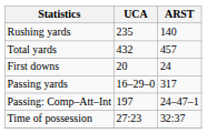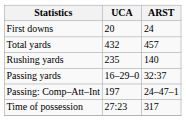 <table class="wikitable" style="float: left;">
 <tr>
 <th>Statistics</th>
 <th>UCA</th>
 <th>ARST</th>
 </tr>
 <tr>
-<td>Rushing yards</td>
-<td>235</td>
-<td>140</td>
+<td>First downs</td>
+<td>20</td>
+<td>24</td>
 </tr>
 <tr>
 <td>Total yards</td>
 <td>432</td>
 <td>457</td>
 </tr>
 <tr>
-<td>First downs</td>
-<td>20</td>
-<td>24</td>
+<td>Rushing yards</td>
+<td>235</td>
+<td>140</td>
 </tr>
 <tr>
 <td>Passing yards</td>
 <td>16–29–0</td>
-<td>317</td>
+<td>32:37</td>
 </tr>
 <tr>
 <td>Passing: Comp–Att–Int</td>
 <td>197</td>
 <td>24–47–1</td>
 </tr>
 <tr>
 <td>Time of possession</td>
 <td>27:23</td>
-<td>32:37</td>
+<td>317</td>
 </tr>
 <tr>
 </tr>
 </table>
